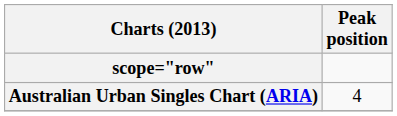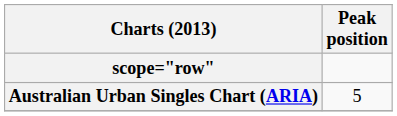 <table class="wikitable plainrowheaders sortable" style="text-align:center;">
 <tr>
 <th scope="col">Charts (2013)</th>
 <th scope="col">Peak<br>position</th>
 </tr>
 <tr>
 <th>scope="row"</th>
 </tr>
 <tr>
 <th scope="row">Australian Urban Singles Chart (<a href='#'>ARIA</a>)</th>
-<td>4</td>
+<td>5</td>
 </tr>
 <tr>
 </tr>
 </table>
